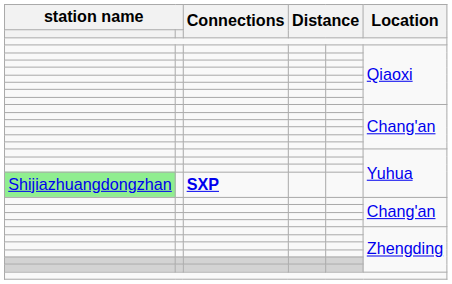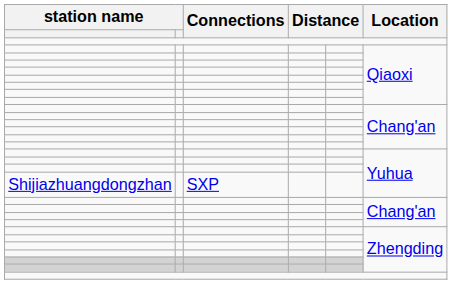 <table class="wikitable">
 <tr>
 <th colspan="2">station name</th>
 <th rowspan="2">Connections</th>
 <th colspan="2" rowspan="2">Distance<br></th>
 <th rowspan="2">Location</th>
 </tr>
 <tr>
 <th></th>
 <th></th>
 </tr>
 <tr style="background:#">
 <td colspan = "8"></td>
 </tr>
 <tr>
 <td></td>
 <td></td>
 <td></td>
 <td></td>
 <td></td>
 <td rowspan="8"><a href='#'>Qiaoxi</a></td>
 </tr>
 <tr>
 <td></td>
 <td></td>
 <td></td>
 <td></td>
 <td></td>
 </tr>
 <tr>
 <td></td>
 <td></td>
 <td></td>
 <td></td>
 <td></td>
 </tr>
 <tr>
 <td></td>
 <td></td>
 <td></td>
 <td></td>
 <td></td>
 </tr>
 <tr>
 <td></td>
 <td></td>
 <td></td>
 <td></td>
 <td></td>
 </tr>
 <tr>
 <td></td>
 <td></td>
 <td></td>
 <td></td>
 <td></td>
 </tr>
 <tr>
 <td></td>
 <td></td>
 <td></td>
 <td></td>
 <td></td>
 </tr>
 <tr>
 <td></td>
 <td></td>
 <td></td>
 <td></td>
 <td></td>
 </tr>
 <tr>
 <td></td>
 <td></td>
 <td></td>
 <td></td>
 <td></td>
 <td rowspan="6"><a href='#'>Chang'an</a></td>
 </tr>
 <tr>
 <td></td>
 <td></td>
 <td></td>
 <td></td>
 <td></td>
 </tr>
 <tr>
 <td></td>
 <td></td>
 <td></td>
 <td></td>
 <td></td>
 </tr>
 <tr>
 <td></td>
 <td></td>
 <td></td>
 <td></td>
 <td></td>
 </tr>
 <tr>
 <td></td>
 <td></td>
 <td></td>
 <td></td>
 <td></td>
 </tr>
 <tr>
 <td></td>
 <td></td>
 <td></td>
 <td></td>
 <td></td>
 </tr>
 <tr>
 <td></td>
 <td></td>
 <td></td>
 <td></td>
 <td></td>
 <td rowspan="4"><a href='#'>Yuhua</a></td>
 </tr>
 <tr>
 <td></td>
 <td></td>
 <td></td>
 <td></td>
 <td></td>
 </tr>
 <tr>
 <td></td>
 <td></td>
 <td></td>
 <td></td>
 <td></td>
 </tr>
 <tr>
-<td style="background: lightgreen;"><a href='#'>Shijiazhuangdongzhan</a></td>
+<td><a href='#'>Shijiazhuangdongzhan</a></td>
 <td></td>
-<td><strong> <a href='#'>SXP</a></strong></td>
+<td> <a href='#'>SXP</a></td>
 <td></td>
 <td></td>
 </tr>
 <tr>
 <td></td>
 <td></td>
 <td></td>
 <td></td>
 <td></td>
 <td rowspan="4"><a href='#'>Chang'an</a></td>
 </tr>
 <tr>
 <td></td>
 <td></td>
 <td></td>
 <td></td>
 <td></td>
 </tr>
 <tr>
 <td></td>
 <td></td>
 <td></td>
 <td></td>
 <td></td>
 </tr>
 <tr>
 <td></td>
 <td></td>
 <td></td>
 <td></td>
 <td></td>
 </tr>
 <tr>
 <td></td>
 <td></td>
 <td></td>
 <td></td>
 <td></td>
 <td rowspan="6"><a href='#'>Zhengding</a></td>
 </tr>
 <tr>
 <td></td>
 <td></td>
 <td></td>
 <td></td>
 <td></td>
 </tr>
 <tr>
 <td></td>
 <td></td>
 <td></td>
 <td></td>
 <td></td>
 </tr>
 <tr>
 <td></td>
 <td></td>
 <td></td>
 <td></td>
 <td></td>
 </tr>
 <tr bgcolor="lightgrey">
 <td></td>
 <td></td>
 <td></td>
 <td></td>
 <td></td>
 </tr>
 <tr bgcolor="lightgrey">
 <td></td>
 <td></td>
 <td></td>
 <td></td>
 <td></td>
 </tr>
 <tr style="background:#">
 <td colspan = "8"></td>
 </tr>
 </table>
